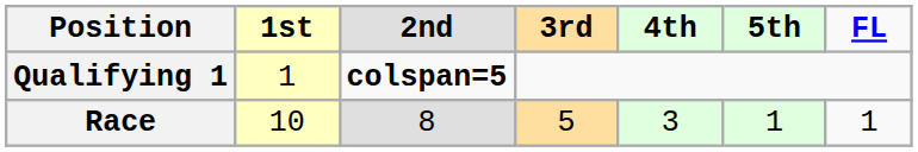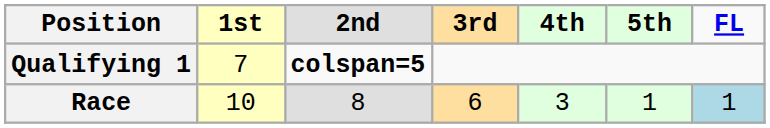 <table class="wikitable" style="font-size:85%; text-align:center">
 <tr>
 <th>Position</th>
 <td style="background:#ffffbf;"> <strong>1st</strong> </td>
 <td style="background:#dfdfdf;"> <strong>2nd</strong> </td>
 <td style="background:#ffdf9f;"> <strong>3rd</strong> </td>
 <td style="background:#dfffdf;"> <strong>4th</strong> </td>
 <td style="background:#dfffdf;"> <strong>5th</strong> </td>
 <td> <strong><a href='#'>FL</a></strong> </td>
 </tr>
 <tr>
 <th>Qualifying 1</th>
-<td style="background:#ffffbf;">1</td>
+<td style="background:#ffffbf;">7</td>
 <td><strong>colspan=5 </strong></td>
 </tr>
 <tr>
 <th>Race</th>
 <td style="background:#ffffbf;">10</td>
 <td style="background:#dfdfdf;">8</td>
-<td style="background:#ffdf9f;">5</td>
+<td style="background:#ffdf9f;">6</td>
 <td style="background:#dfffdf;">3</td>
 <td style="background:#dfffdf;">1</td>
-<td>1</td>
+<td style="background: lightblue;">1</td>
 </tr>
 </table>
